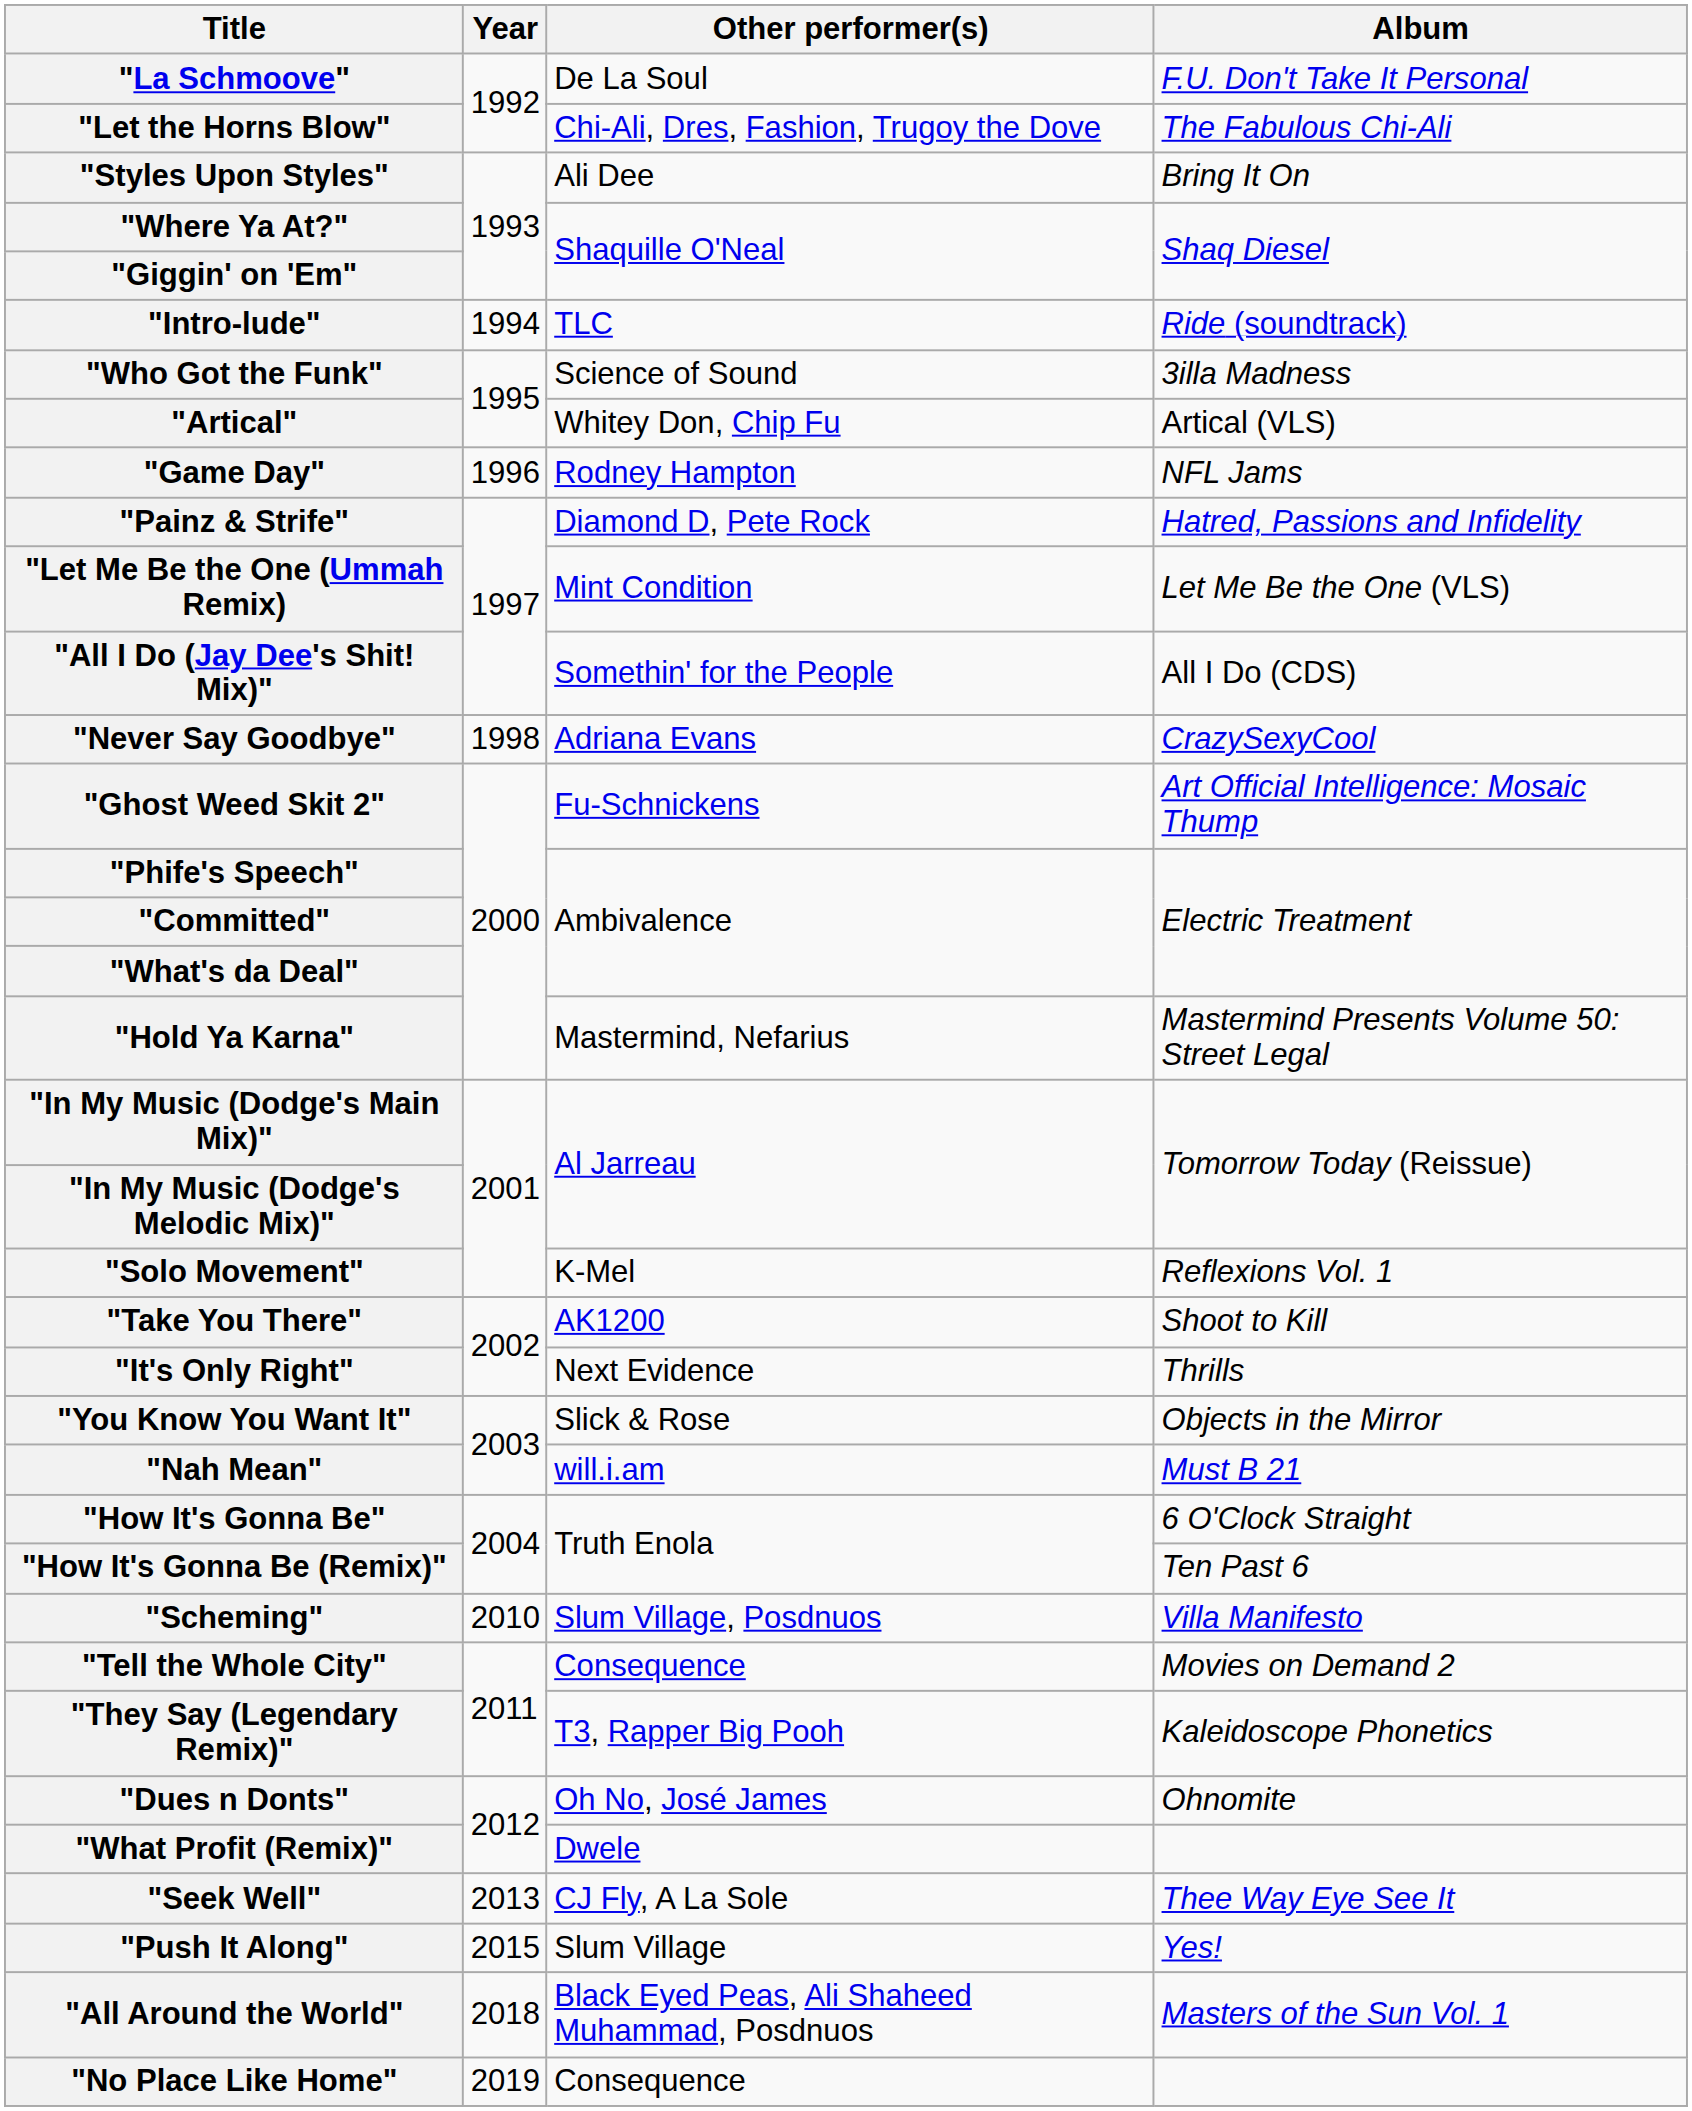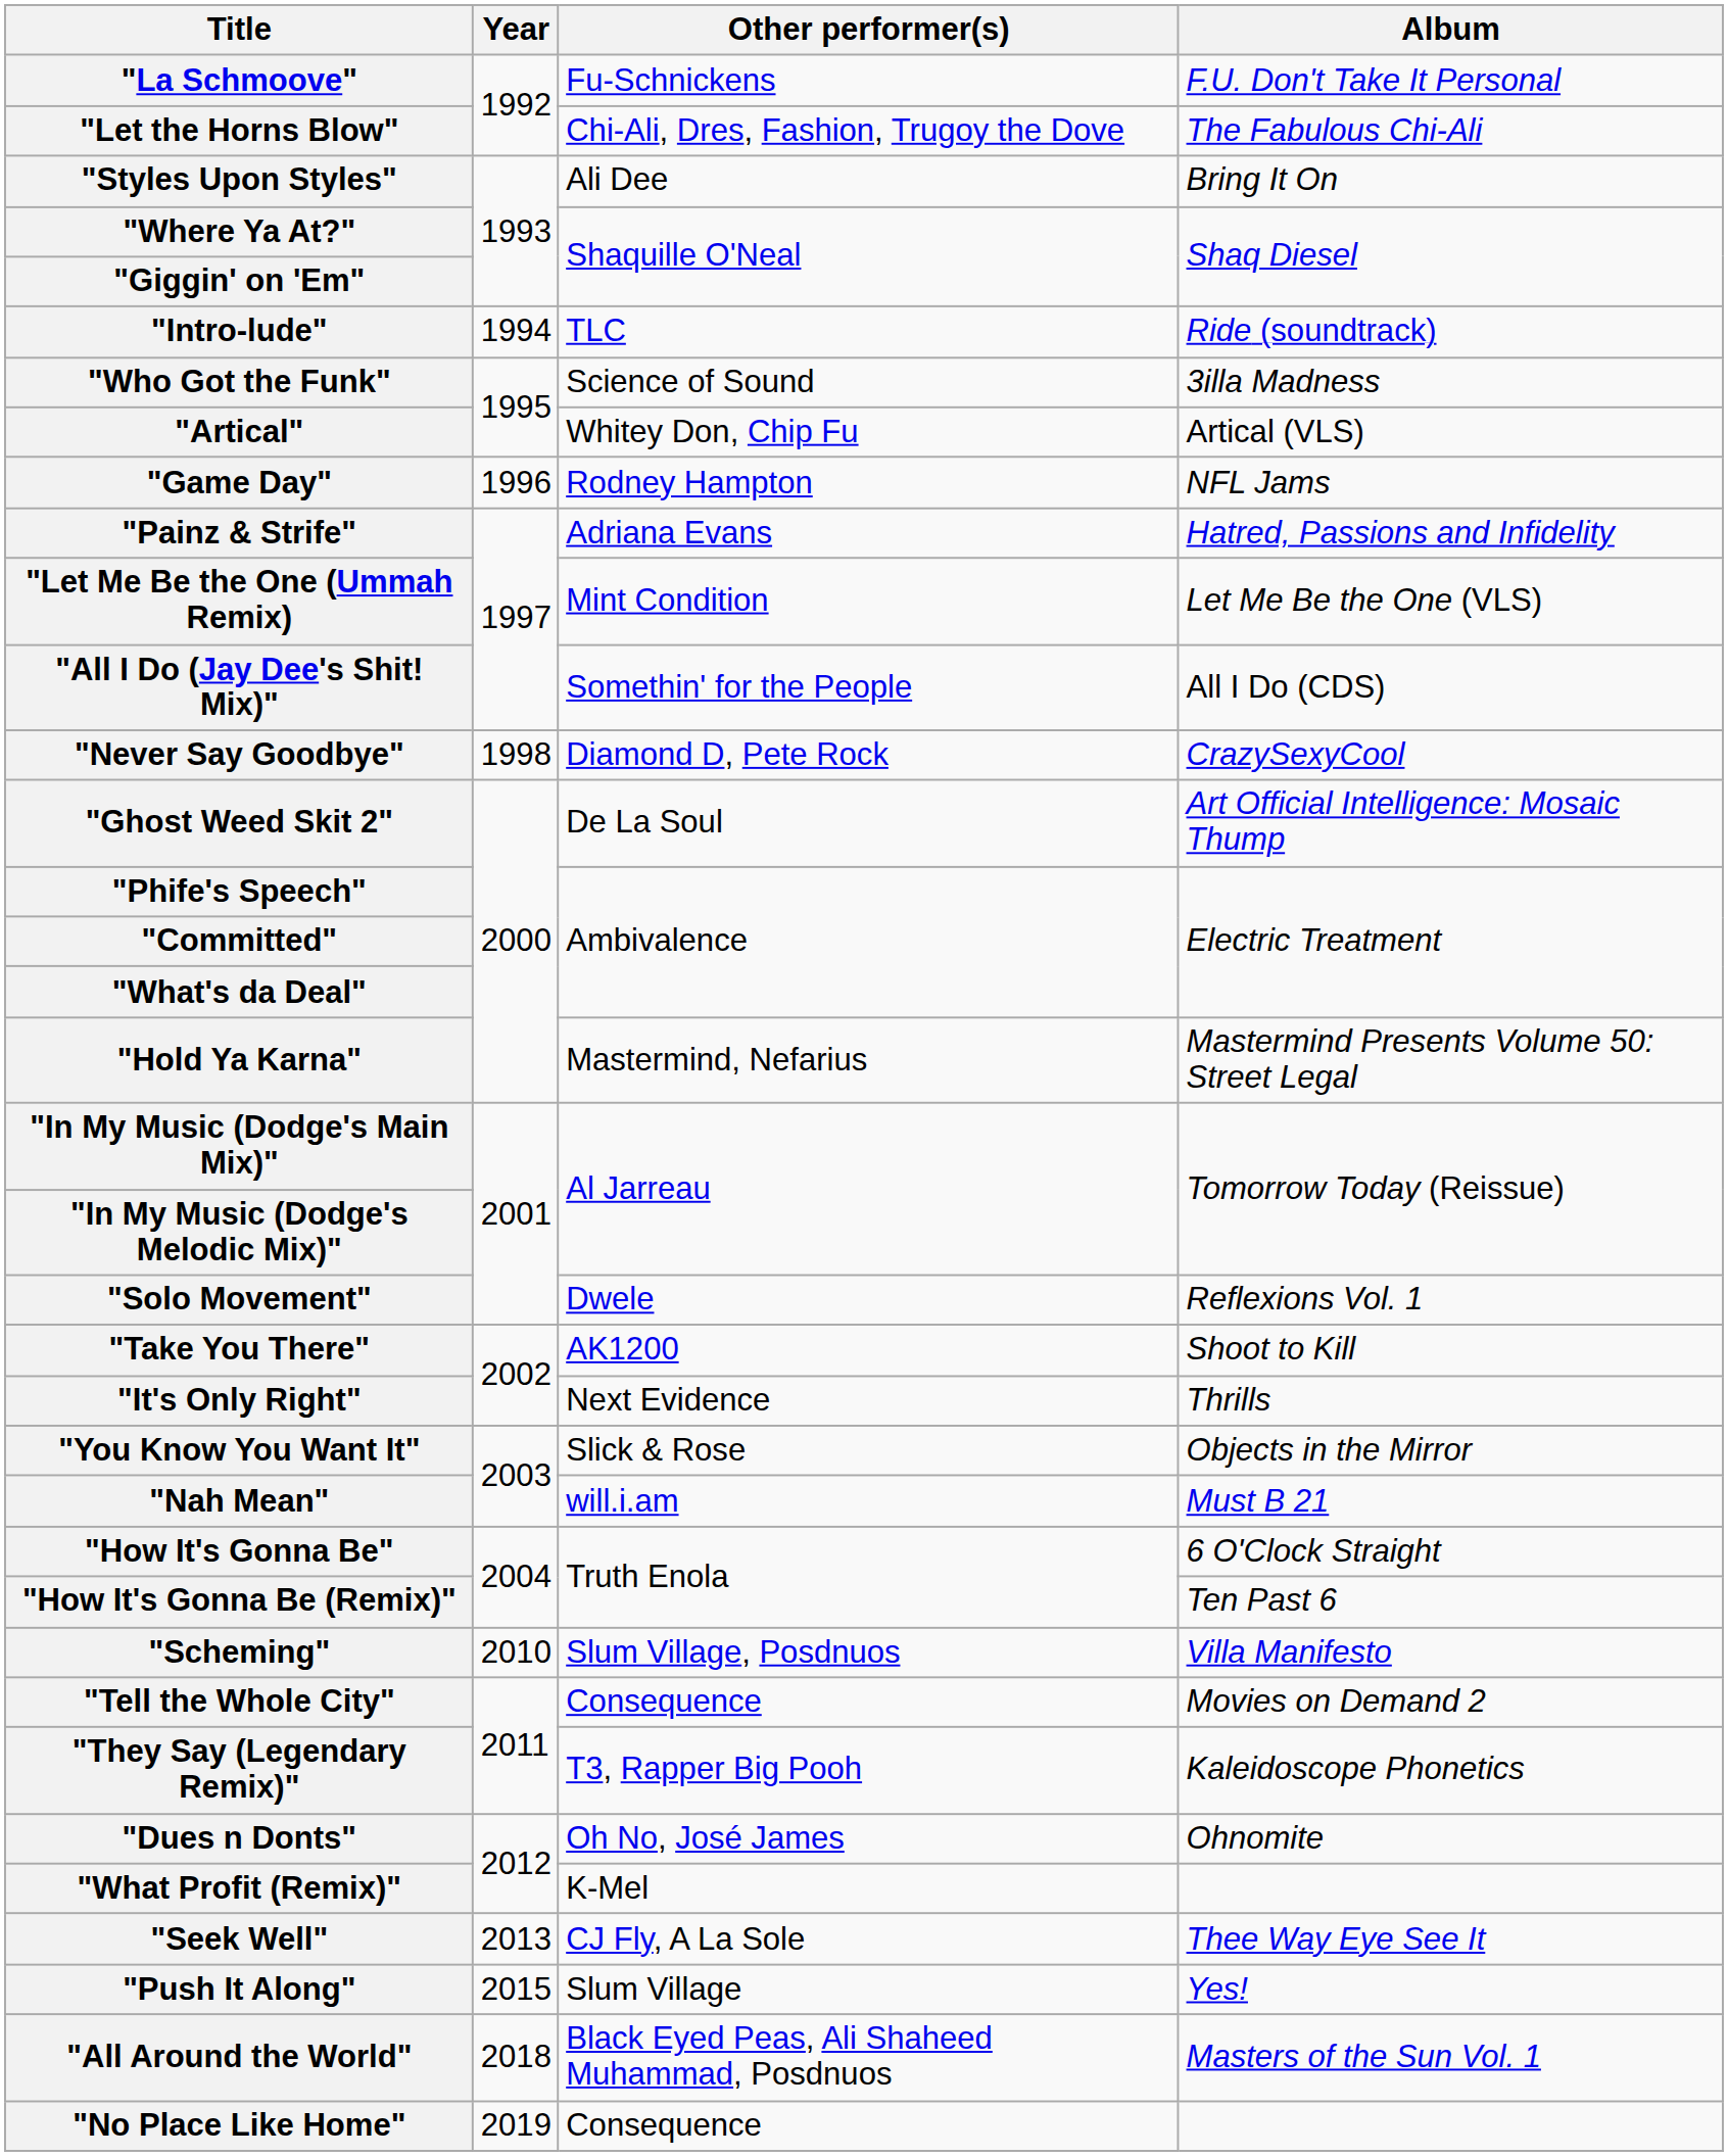 <table class="wikitable plainrowheaders">
 <tr>
 <th>Title</th>
 <th>Year</th>
 <th>Other performer(s)</th>
 <th>Album</th>
 </tr>
 <tr>
 <th scope="row">"<a href='#'>La Schmoove</a>"</th>
 <td rowspan="2">1992</td>
-<td>De La Soul</td>
+<td><a href='#'>Fu-Schnickens</a></td>
 <td><em><a href='#'>F.U. Don't Take It Personal</a></em></td>
 </tr>
 <tr>
 <th scope="row">"Let the Horns Blow"</th>
 <td><a href='#'>Chi-Ali</a>, <a href='#'>Dres</a>, <a href='#'>Fashion</a>, <a href='#'>Trugoy the Dove</a></td>
 <td><em><a href='#'>The Fabulous Chi-Ali</a></em></td>
 </tr>
 <tr>
 <th scope="row">"Styles Upon Styles"</th>
 <td rowspan="3">1993</td>
 <td>Ali Dee</td>
 <td><em>Bring It On</em></td>
 </tr>
 <tr>
 <th scope="row">"Where Ya At?"</th>
 <td rowspan="2"><a href='#'>Shaquille O'Neal</a></td>
 <td rowspan="2"><em><a href='#'>Shaq Diesel</a></em></td>
 </tr>
 <tr>
 <th scope="row">"Giggin' on 'Em"</th>
 </tr>
 <tr>
 <th scope="row">"Intro-lude"</th>
 <td>1994</td>
 <td><a href='#'>TLC</a></td>
 <td><a href='#'><em>Ride</em> (soundtrack)</a></td>
 </tr>
 <tr>
 <th scope="row">"Who Got the Funk"</th>
 <td rowspan="2">1995</td>
 <td>Science of Sound</td>
 <td><em>3illa Madness</em></td>
 </tr>
 <tr>
 <th scope="row">"Artical"</th>
 <td>Whitey Don, <a href='#'>Chip Fu</a></td>
 <td>Artical (VLS)</td>
 </tr>
 <tr>
 <th scope="row">"Game Day"</th>
 <td>1996</td>
 <td><a href='#'>Rodney Hampton</a></td>
 <td><em>NFL Jams</em></td>
 </tr>
 <tr>
 <th scope="row">"Painz & Strife"</th>
 <td rowspan="3">1997</td>
-<td><a href='#'>Diamond D</a>, <a href='#'>Pete Rock</a></td>
+<td><a href='#'>Adriana Evans</a></td>
 <td><em><a href='#'>Hatred, Passions and Infidelity</a></em></td>
 </tr>
 <tr>
 <th scope="row">"Let Me Be the One (<a href='#'>Ummah</a> Remix)</th>
 <td><a href='#'>Mint Condition</a></td>
 <td><em>Let Me Be the One</em> (VLS)</td>
 </tr>
 <tr>
 <th scope="row">"All I Do (<a href='#'>Jay Dee</a>'s Shit! Mix)"</th>
 <td><a href='#'>Somethin' for the People</a></td>
 <td>All I Do (CDS)</td>
 </tr>
 <tr>
 <th scope="row">"Never Say Goodbye"</th>
 <td>1998</td>
-<td><a href='#'>Adriana Evans</a></td>
+<td><a href='#'>Diamond D</a>, <a href='#'>Pete Rock</a></td>
 <td><em><a href='#'>CrazySexyCool</a></em></td>
 </tr>
 <tr>
 <th scope="row">"Ghost Weed Skit 2"</th>
 <td rowspan="5">2000</td>
-<td><a href='#'>Fu-Schnickens</a></td>
+<td>De La Soul</td>
 <td><em><a href='#'>Art Official Intelligence: Mosaic Thump</a></em></td>
 </tr>
 <tr>
 <th scope="row">"Phife's Speech"</th>
 <td rowspan="3">Ambivalence</td>
 <td rowspan="3"><em>Electric Treatment</em></td>
 </tr>
 <tr>
 <th scope="row">"Committed"</th>
 </tr>
 <tr>
 <th scope="row">"What's da Deal"</th>
 </tr>
 <tr>
 <th scope="row">"Hold Ya Karna"</th>
 <td>Mastermind, Nefarius</td>
 <td><em>Mastermind Presents Volume 50: Street Legal</em></td>
 </tr>
 <tr>
 <th scope="row">"In My Music (Dodge's Main Mix)"</th>
 <td rowspan="3">2001</td>
 <td rowspan="2"><a href='#'>Al Jarreau</a></td>
 <td rowspan="2"><em>Tomorrow Today</em> (Reissue)</td>
 </tr>
 <tr>
 <th scope="row">"In My Music (Dodge's Melodic Mix)"</th>
 </tr>
 <tr>
 <th scope="row">"Solo Movement"</th>
-<td>K-Mel</td>
+<td><a href='#'>Dwele</a></td>
 <td><em>Reflexions Vol. 1</em></td>
 </tr>
 <tr>
 <th scope="row">"Take You There"</th>
 <td rowspan="2">2002</td>
 <td><a href='#'>AK1200</a></td>
 <td><em>Shoot to Kill</em></td>
 </tr>
 <tr>
 <th scope="row">"It's Only Right"</th>
 <td>Next Evidence</td>
 <td><em>Thrills</em></td>
 </tr>
 <tr>
 <th scope="row">"You Know You Want It"</th>
 <td rowspan="2">2003</td>
 <td>Slick & Rose</td>
 <td><em>Objects in the Mirror</em></td>
 </tr>
 <tr>
 <th scope="row">"Nah Mean"</th>
 <td><a href='#'>will.i.am</a></td>
 <td><em><a href='#'>Must B 21</a></em></td>
 </tr>
 <tr>
 <th scope="row">"How It's Gonna Be"</th>
 <td rowspan="2">2004</td>
 <td rowspan="2">Truth Enola</td>
 <td><em>6 O'Clock Straight</em></td>
 </tr>
 <tr>
 <th scope="row">"How It's Gonna Be (Remix)"</th>
 <td><em>Ten Past 6</em></td>
 </tr>
 <tr>
 <th scope="row">"Scheming"</th>
 <td>2010</td>
 <td><a href='#'>Slum Village</a>, <a href='#'>Posdnuos</a></td>
 <td><em><a href='#'>Villa Manifesto</a></em></td>
 </tr>
 <tr>
 <th scope="row">"Tell the Whole City"</th>
 <td rowspan="2">2011</td>
 <td><a href='#'>Consequence</a></td>
 <td><em>Movies on Demand 2</em></td>
 </tr>
 <tr>
 <th scope="row">"They Say (Legendary Remix)"</th>
 <td><a href='#'>T3</a>, <a href='#'>Rapper Big Pooh</a></td>
 <td><em>Kaleidoscope Phonetics</em></td>
 </tr>
 <tr>
 <th scope="row">"Dues n Donts"</th>
 <td rowspan="2">2012</td>
 <td><a href='#'>Oh No</a>, <a href='#'>José James</a></td>
 <td><em>Ohnomite</em></td>
 </tr>
 <tr>
 <th scope="row">"What Profit (Remix)"</th>
-<td><a href='#'>Dwele</a></td>
+<td>K-Mel</td>
 <td></td>
 </tr>
 <tr>
 <th scope="row">"Seek Well"</th>
 <td>2013</td>
 <td><a href='#'>CJ Fly</a>, A La Sole</td>
 <td><em><a href='#'>Thee Way Eye See It</a></em></td>
 </tr>
 <tr>
 <th scope="row">"Push It Along"</th>
 <td>2015</td>
 <td>Slum Village</td>
 <td><em><a href='#'>Yes!</a></em></td>
 </tr>
 <tr>
 <th scope="row">"All Around the World"</th>
 <td>2018</td>
 <td><a href='#'>Black Eyed Peas</a>, <a href='#'>Ali Shaheed Muhammad</a>, Posdnuos</td>
 <td><em><a href='#'>Masters of the Sun Vol. 1</a></em></td>
 </tr>
 <tr>
 <th scope="row">"No Place Like Home"</th>
 <td>2019</td>
 <td>Consequence</td>
 <td></td>
 </tr>
 </table>
